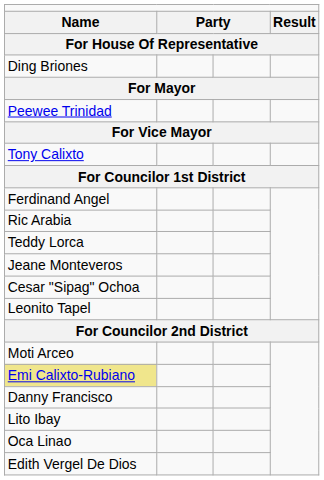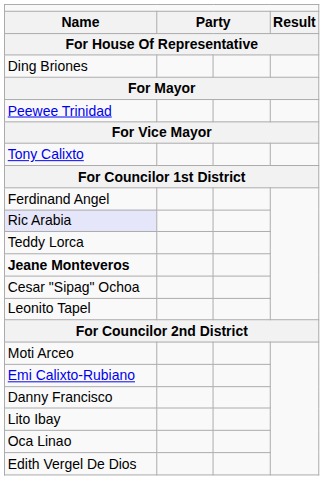 <table class="wikitable" style="font-size:90%">
 <tr>
 <td colspan="4" style="color:inherit;background:"></td>
 </tr>
 <tr>
 <th width="150px">Name</th>
 <th colspan="2" width="110px">Party</th>
 <th>Result</th>
 </tr>
 <tr>
 <th colspan="4">For House Of Representative</th>
 </tr>
 <tr>
 <td>Ding Briones</td>
 <td></td>
 <td></td>
 </tr>
 <tr>
 <th colspan="4">For Mayor</th>
 </tr>
 <tr>
 <td><a href='#'>Peewee Trinidad</a></td>
 <td></td>
 <td></td>
 </tr>
 <tr>
 <th colspan="4">For Vice Mayor</th>
 </tr>
 <tr>
 <td><a href='#'>Tony Calixto</a></td>
 <td></td>
 <td></td>
 </tr>
 <tr>
 <th colspan="4">For Councilor 1st District</th>
 </tr>
 <tr>
 <td>Ferdinand Angel</td>
 <td></td>
 <td></td>
 </tr>
 <tr>
-<td>Ric Arabia</td>
+<td style="background: lavender;">Ric Arabia</td>
 <td></td>
 <td></td>
 </tr>
 <tr>
 <td>Teddy Lorca</td>
 <td></td>
 <td></td>
 </tr>
 <tr>
-<td>Jeane Monteveros</td>
+<td><strong>Jeane Monteveros</strong></td>
 <td></td>
 <td></td>
 </tr>
 <tr>
 <td>Cesar "Sipag" Ochoa</td>
 <td></td>
 <td></td>
 </tr>
 <tr>
 <td>Leonito Tapel</td>
 <td></td>
 <td></td>
 </tr>
 <tr>
 <th colspan="4">For Councilor 2nd District</th>
 </tr>
 <tr>
 <td>Moti Arceo</td>
 <td></td>
 <td></td>
 </tr>
 <tr>
-<td style="background: khaki;"><a href='#'>Emi Calixto-Rubiano</a></td>
+<td><a href='#'>Emi Calixto-Rubiano</a></td>
 <td></td>
 <td></td>
 </tr>
 <tr>
 <td>Danny Francisco</td>
 <td></td>
 <td></td>
 </tr>
 <tr>
 <td>Lito Ibay</td>
 <td></td>
 <td></td>
 </tr>
 <tr>
 <td>Oca Linao</td>
 <td></td>
 <td></td>
 </tr>
 <tr>
 <td>Edith Vergel De Dios</td>
 <td></td>
 <td></td>
 </tr>
 </table>
